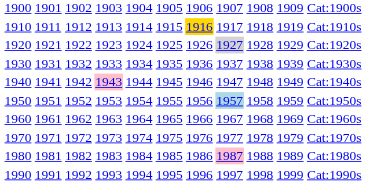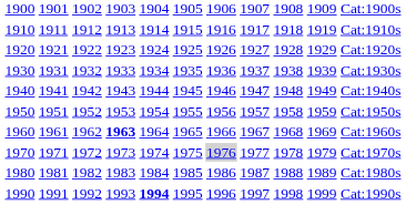 <table border=0>
 <tr>
 <td><a href='#'>1900</a></td>
 <td><a href='#'>1901</a></td>
 <td><a href='#'>1902</a></td>
 <td><a href='#'>1903</a></td>
 <td><a href='#'>1904</a></td>
 <td><a href='#'>1905</a></td>
 <td><a href='#'>1906</a></td>
 <td><a href='#'>1907</a></td>
 <td><a href='#'>1908</a></td>
 <td><a href='#'>1909</a></td>
 <td><a href='#'>Cat:1900s</a></td>
 </tr>
 <tr>
 <td><a href='#'>1910</a></td>
 <td><a href='#'>1911</a></td>
 <td><a href='#'>1912</a></td>
 <td><a href='#'>1913</a></td>
 <td><a href='#'>1914</a></td>
 <td><a href='#'>1915</a></td>
-<td style="background: gold;"><a href='#'>1916</a></td>
+<td><a href='#'>1916</a></td>
 <td><a href='#'>1917</a></td>
 <td><a href='#'>1918</a></td>
 <td><a href='#'>1919</a></td>
 <td><a href='#'>Cat:1910s</a></td>
 </tr>
 <tr>
 <td><a href='#'>1920</a></td>
 <td><a href='#'>1921</a></td>
 <td><a href='#'>1922</a></td>
 <td><a href='#'>1923</a></td>
 <td><a href='#'>1924</a></td>
 <td><a href='#'>1925</a></td>
 <td><a href='#'>1926</a></td>
-<td style="background: lightgrey;"><a href='#'>1927</a></td>
+<td><a href='#'>1927</a></td>
 <td><a href='#'>1928</a></td>
 <td><a href='#'>1929</a></td>
 <td><a href='#'>Cat:1920s</a></td>
 </tr>
 <tr>
 <td><a href='#'>1930</a></td>
 <td><a href='#'>1931</a></td>
 <td><a href='#'>1932</a></td>
 <td><a href='#'>1933</a></td>
 <td><a href='#'>1934</a></td>
 <td><a href='#'>1935</a></td>
 <td><a href='#'>1936</a></td>
 <td><a href='#'>1937</a></td>
 <td><a href='#'>1938</a></td>
 <td><a href='#'>1939</a></td>
 <td><a href='#'>Cat:1930s</a></td>
 </tr>
 <tr>
 <td><a href='#'>1940</a></td>
 <td><a href='#'>1941</a></td>
 <td><a href='#'>1942</a></td>
-<td style="background: pink;"><a href='#'>1943</a></td>
+<td><a href='#'>1943</a></td>
 <td><a href='#'>1944</a></td>
 <td><a href='#'>1945</a></td>
 <td><a href='#'>1946</a></td>
 <td><a href='#'>1947</a></td>
 <td><a href='#'>1948</a></td>
 <td><a href='#'>1949</a></td>
 <td><a href='#'>Cat:1940s</a></td>
 </tr>
 <tr>
 <td><a href='#'>1950</a></td>
 <td><a href='#'>1951</a></td>
 <td><a href='#'>1952</a></td>
 <td><a href='#'>1953</a></td>
 <td><a href='#'>1954</a></td>
 <td><a href='#'>1955</a></td>
 <td><a href='#'>1956</a></td>
-<td style="background: lightblue;"><a href='#'>1957</a></td>
+<td><a href='#'>1957</a></td>
 <td><a href='#'>1958</a></td>
 <td><a href='#'>1959</a></td>
 <td><a href='#'>Cat:1950s</a></td>
 </tr>
 <tr>
 <td><a href='#'>1960</a></td>
 <td><a href='#'>1961</a></td>
 <td><a href='#'>1962</a></td>
-<td><a href='#'>1963</a></td>
+<td><strong><a href='#'>1963</a></strong></td>
 <td><a href='#'>1964</a></td>
 <td><a href='#'>1965</a></td>
 <td><a href='#'>1966</a></td>
 <td><a href='#'>1967</a></td>
 <td><a href='#'>1968</a></td>
 <td><a href='#'>1969</a></td>
 <td><a href='#'>Cat:1960s</a></td>
 </tr>
 <tr>
 <td><a href='#'>1970</a></td>
 <td><a href='#'>1971</a></td>
 <td><a href='#'>1972</a></td>
 <td><a href='#'>1973</a></td>
 <td><a href='#'>1974</a></td>
 <td><a href='#'>1975</a></td>
-<td><a href='#'>1976</a></td>
+<td style="background: lightgrey;"><a href='#'>1976</a></td>
 <td><a href='#'>1977</a></td>
 <td><a href='#'>1978</a></td>
 <td><a href='#'>1979</a></td>
 <td><a href='#'>Cat:1970s</a></td>
 </tr>
 <tr>
 <td><a href='#'>1980</a></td>
 <td><a href='#'>1981</a></td>
 <td><a href='#'>1982</a></td>
 <td><a href='#'>1983</a></td>
 <td><a href='#'>1984</a></td>
 <td><a href='#'>1985</a></td>
 <td><a href='#'>1986</a></td>
-<td style="background: pink;"><a href='#'>1987</a></td>
+<td><a href='#'>1987</a></td>
 <td><a href='#'>1988</a></td>
 <td><a href='#'>1989</a></td>
 <td><a href='#'>Cat:1980s</a></td>
 </tr>
 <tr>
 <td><a href='#'>1990</a></td>
 <td><a href='#'>1991</a></td>
 <td><a href='#'>1992</a></td>
 <td><a href='#'>1993</a></td>
-<td><a href='#'>1994</a></td>
+<td><strong><a href='#'>1994</a></strong></td>
 <td><a href='#'>1995</a></td>
 <td><a href='#'>1996</a></td>
 <td><a href='#'>1997</a></td>
 <td><a href='#'>1998</a></td>
 <td><a href='#'>1999</a></td>
 <td><a href='#'>Cat:1990s</a></td>
 </tr>
 </table>
